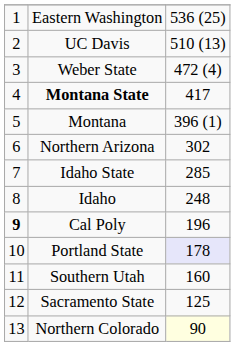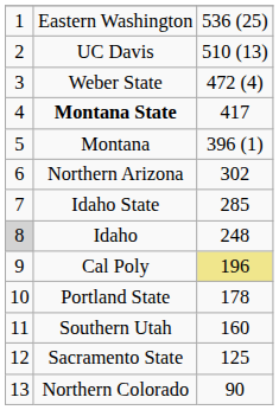 <table class="wikitable" style="display: inline-table;">
 <tr align="center">
 </tr>
 <tr align="center">
 <td>1</td>
 <td>Eastern Washington</td>
 <td>536 (25)</td>
 </tr>
 <tr align="center">
 <td>2</td>
 <td>UC Davis</td>
 <td>510 (13)</td>
 </tr>
 <tr align="center">
 <td>3</td>
 <td>Weber State</td>
 <td>472 (4)</td>
 </tr>
 <tr align="center">
 <td>4</td>
 <td><strong>Montana State</strong></td>
 <td>417</td>
 </tr>
 <tr align="center">
 <td>5</td>
 <td>Montana</td>
 <td>396 (1)</td>
 </tr>
 <tr align="center">
 <td>6</td>
 <td>Northern Arizona</td>
 <td>302</td>
 </tr>
 <tr align="center">
 <td>7</td>
 <td>Idaho State</td>
 <td>285</td>
 </tr>
 <tr align="center">
-<td>8</td>
+<td style="background: lightgrey;">8</td>
 <td>Idaho</td>
 <td>248</td>
 </tr>
 <tr align="center">
-<td><strong>9</strong></td>
+<td>9</td>
 <td>Cal Poly</td>
-<td>196</td>
+<td style="background: khaki;">196</td>
 </tr>
 <tr align="center">
 <td>10</td>
 <td>Portland State</td>
-<td style="background: lavender;">178</td>
+<td>178</td>
 </tr>
 <tr align="center">
 <td>11</td>
 <td>Southern Utah</td>
 <td>160</td>
 </tr>
 <tr align="center">
 <td>12</td>
 <td>Sacramento State</td>
 <td>125</td>
 </tr>
 <tr align="center">
 <td>13</td>
 <td>Northern Colorado</td>
-<td style="background: lightyellow;">90</td>
+<td>90</td>
 </tr>
 </table>
